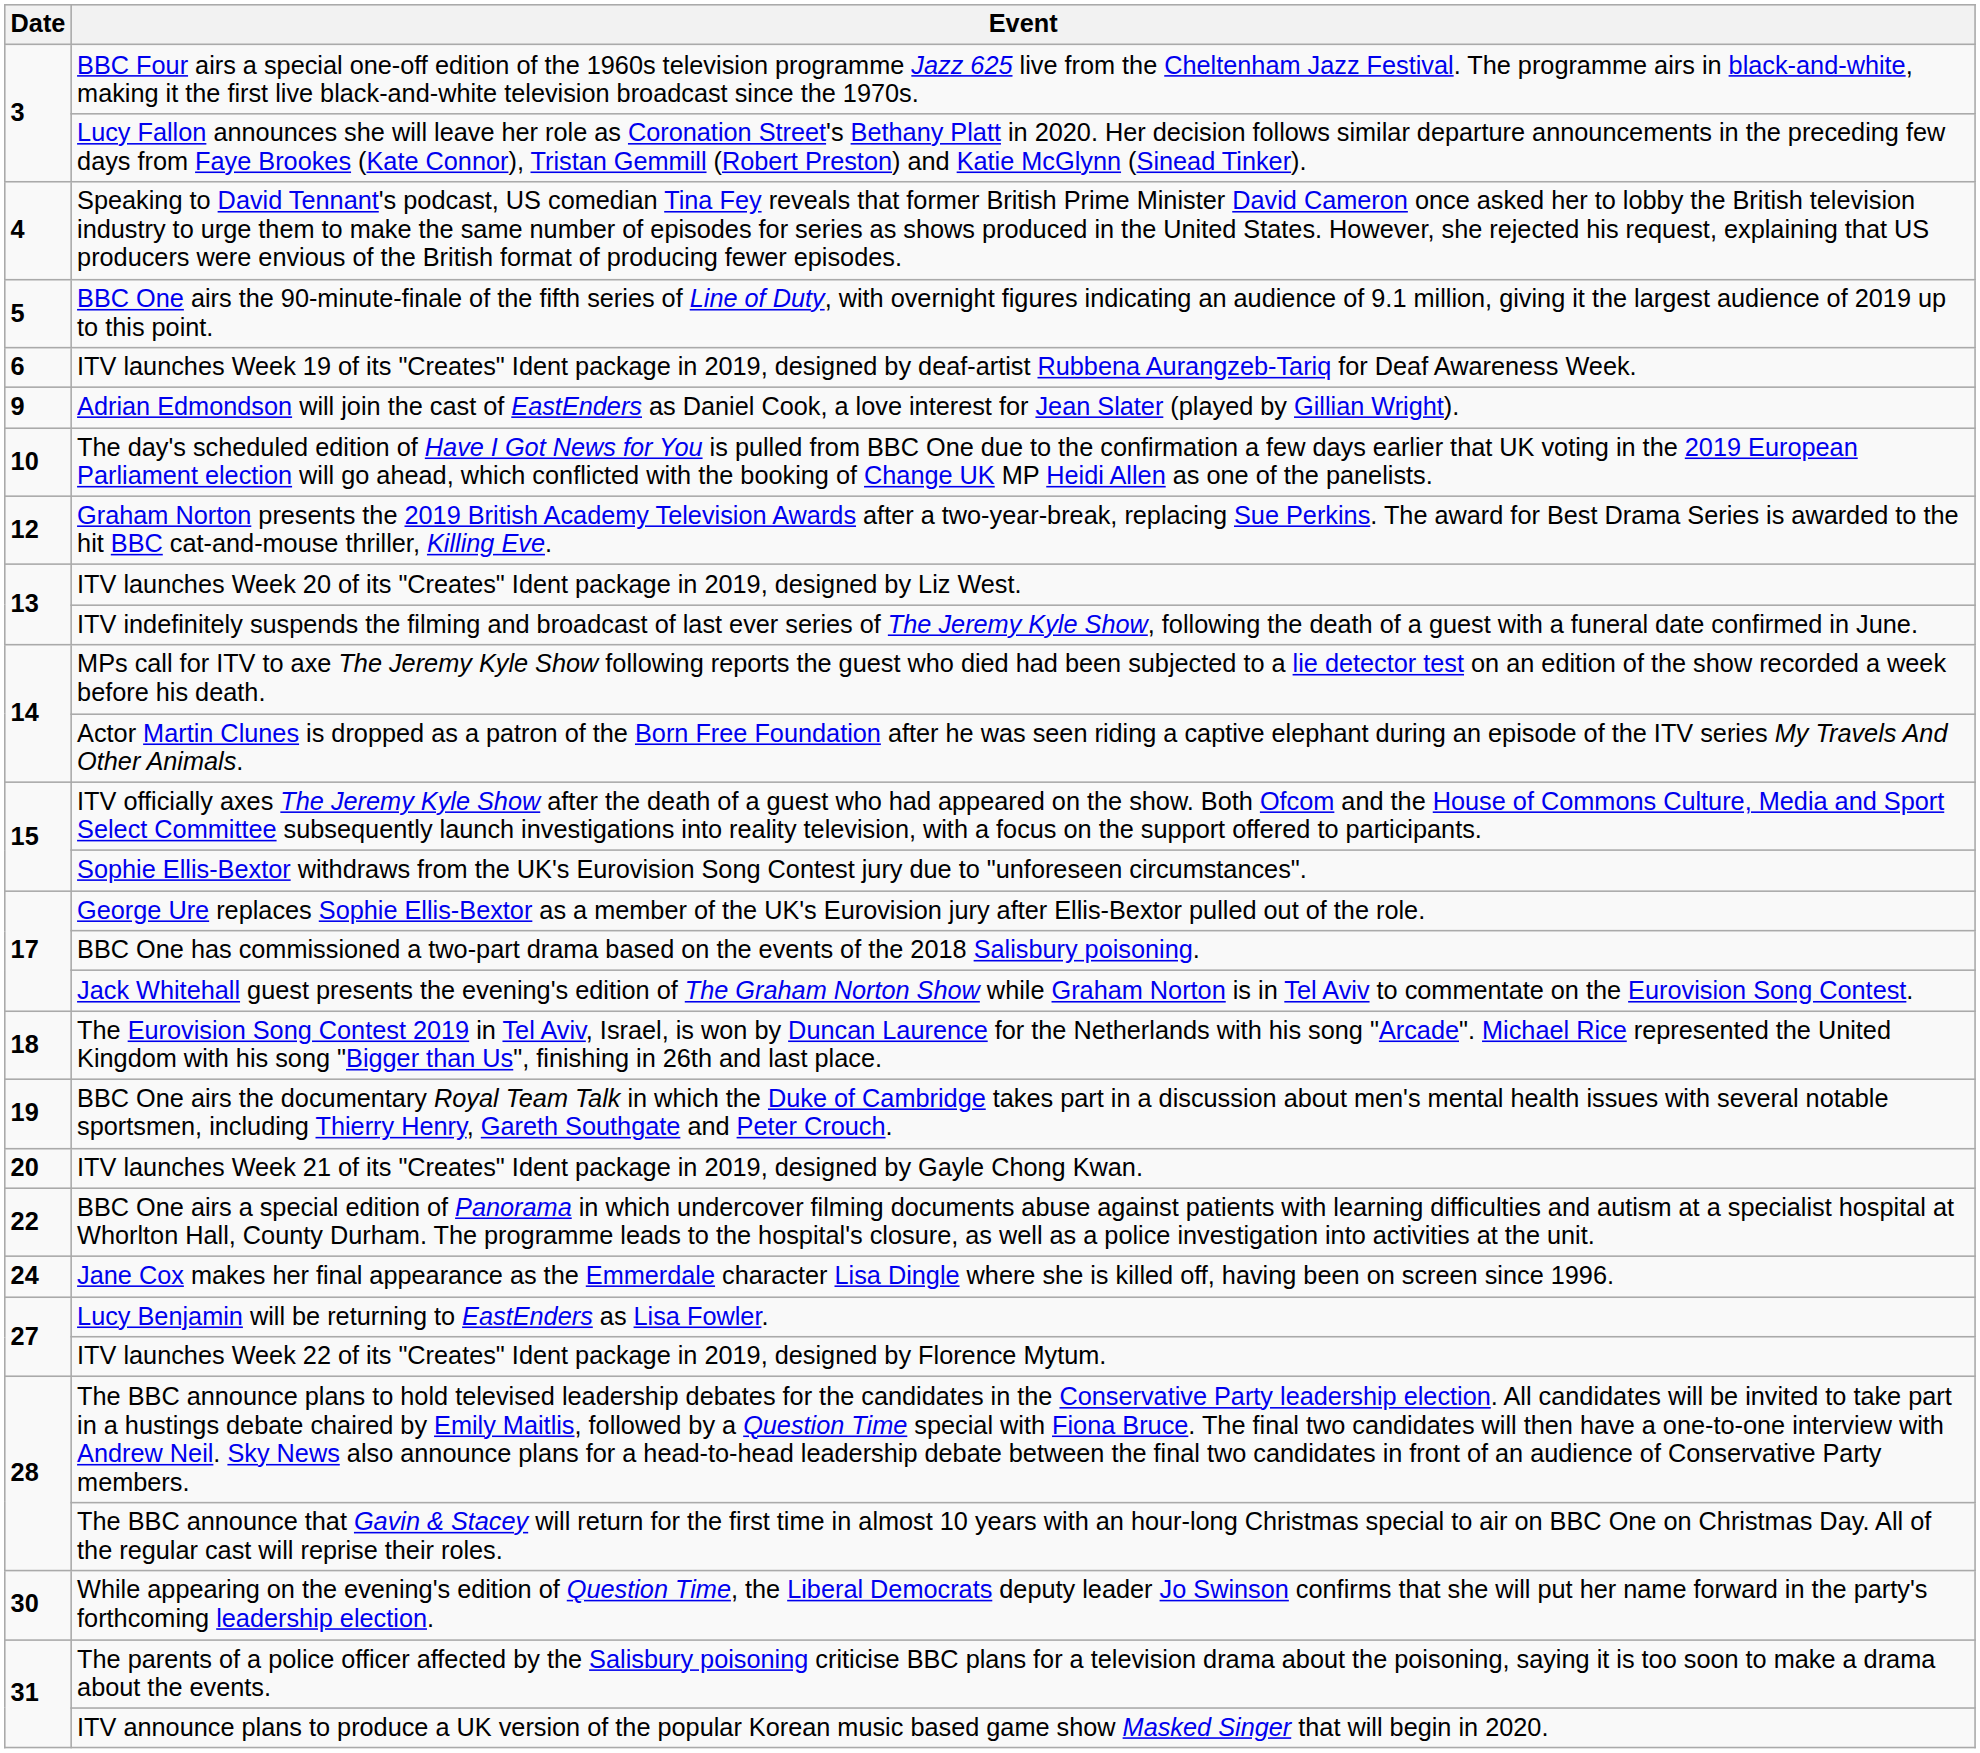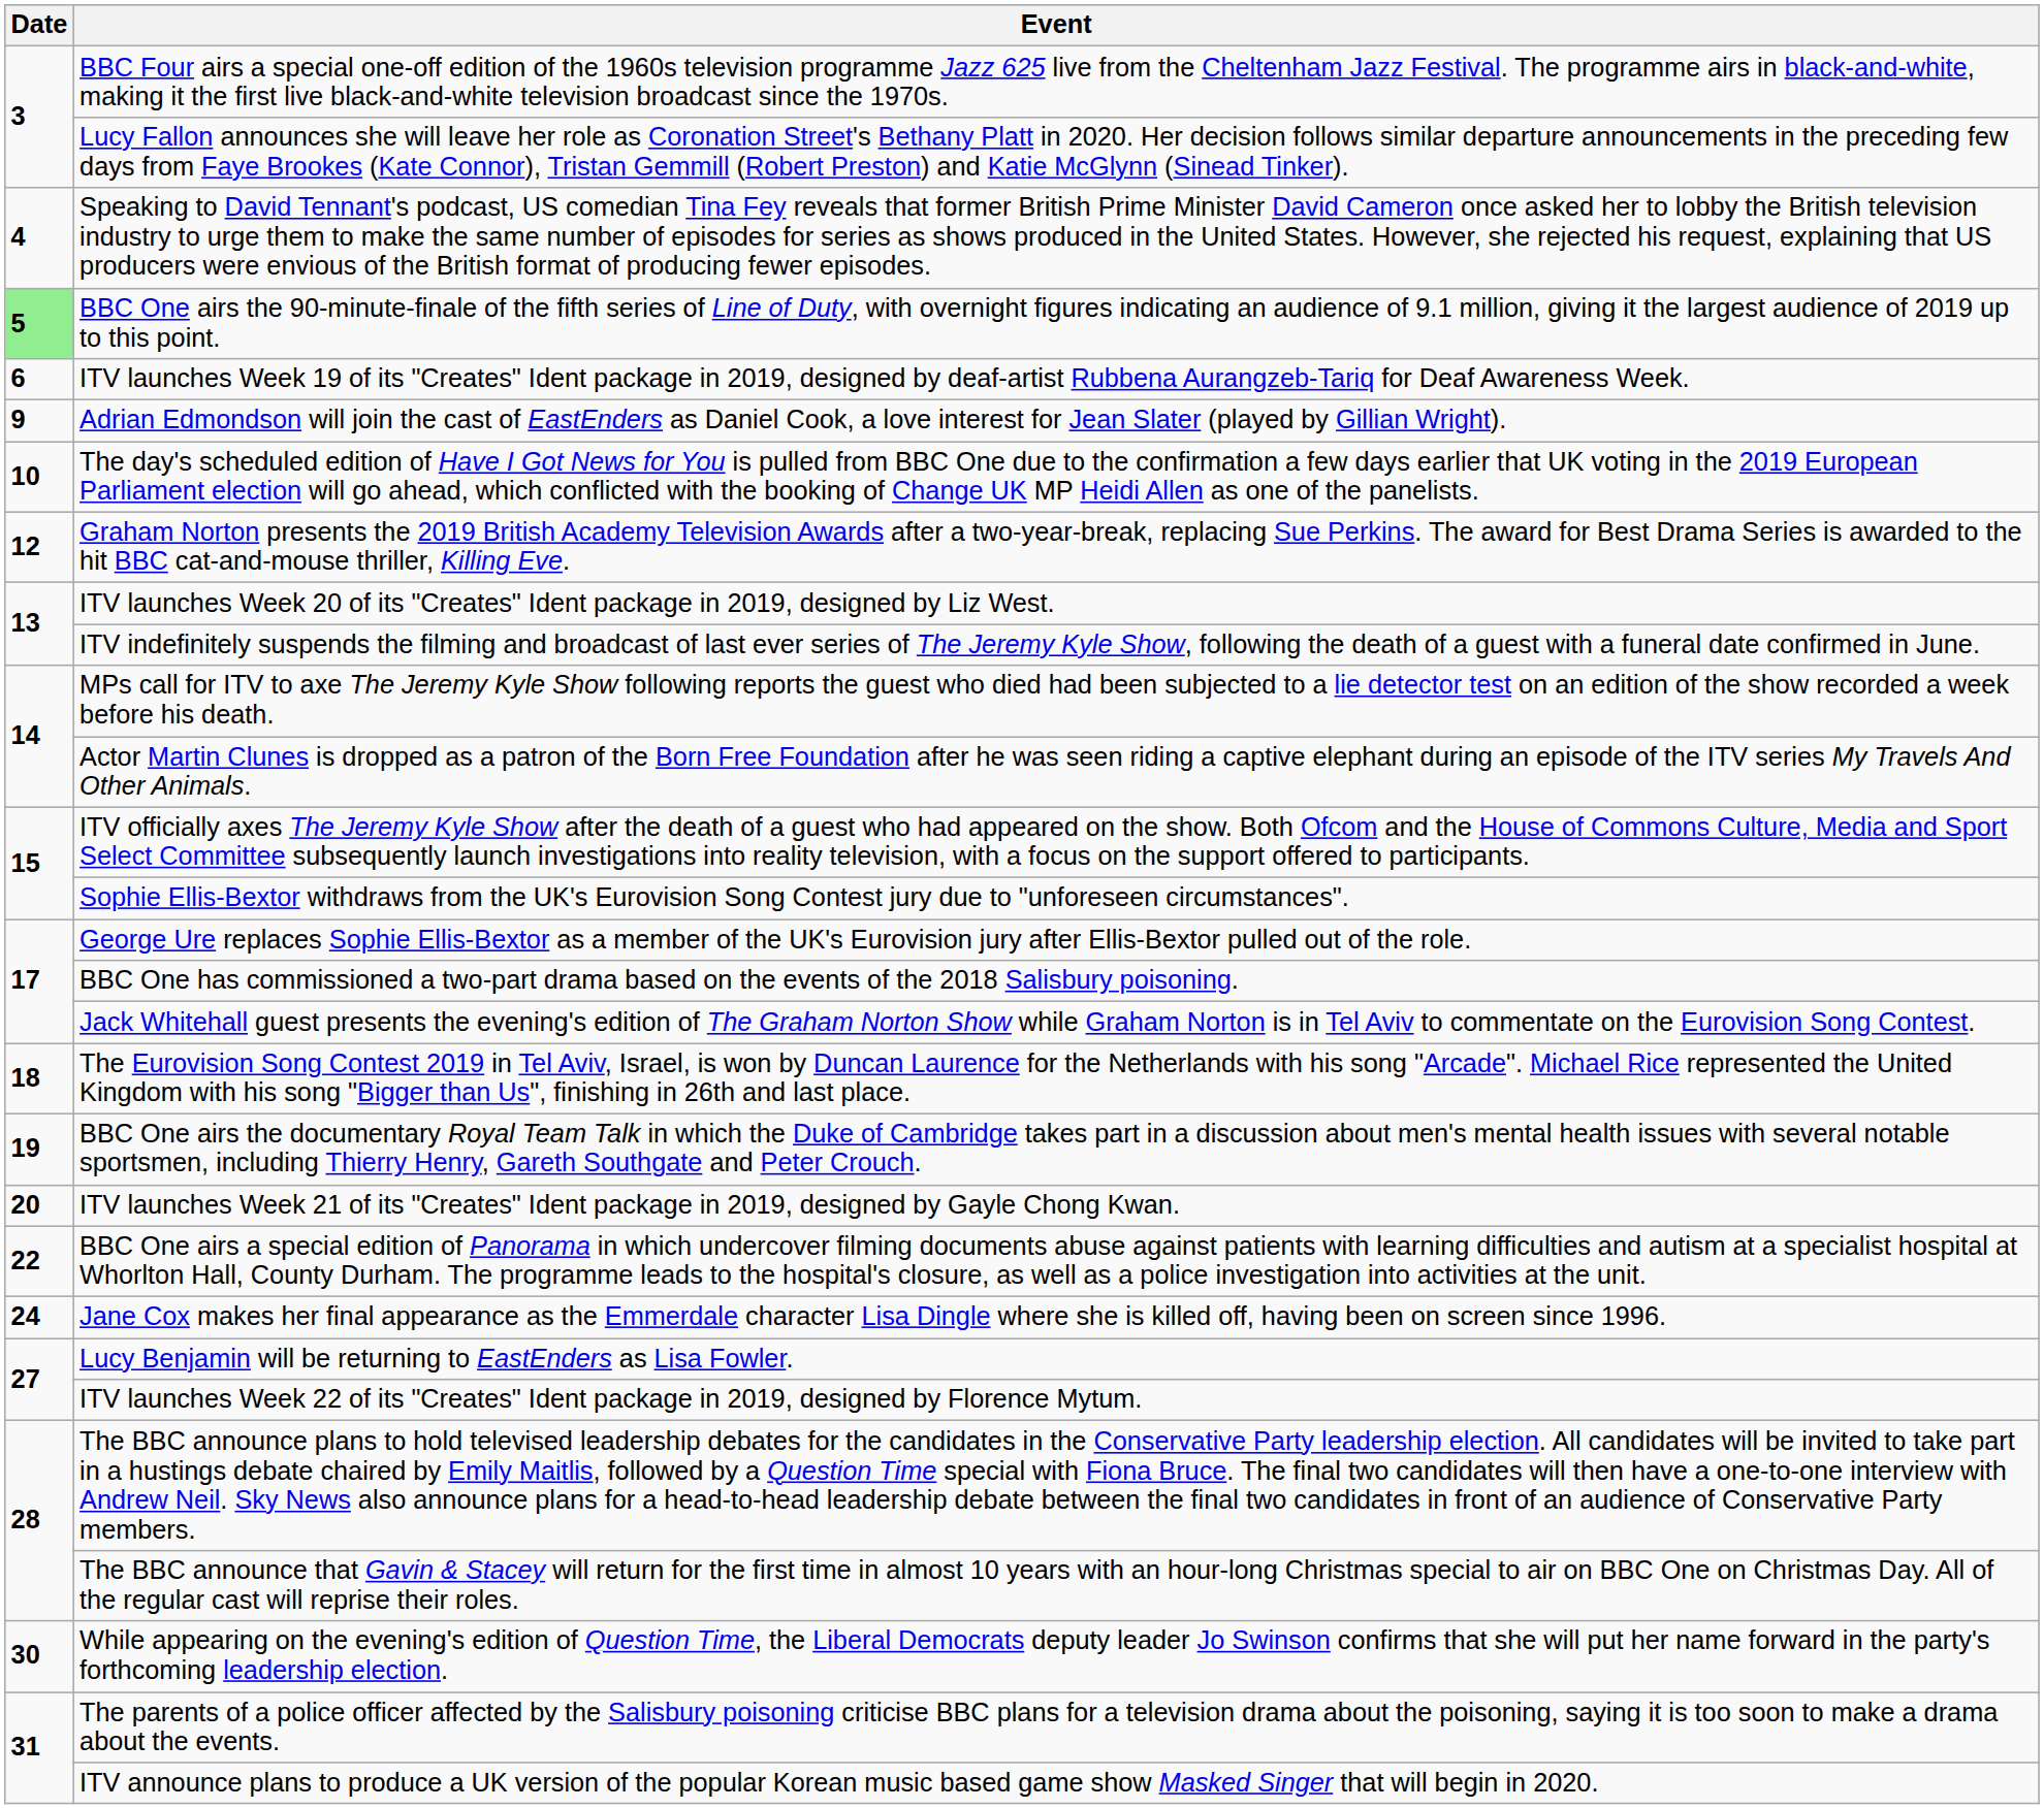 <table class="wikitable">
 <tr>
 <th>Date</th>
 <th>Event</th>
 </tr>
 <tr>
 <td rowspan=2><strong>3</strong></td>
 <td><a href='#'>BBC Four</a> airs a special one-off edition of the 1960s television programme <em><a href='#'>Jazz 625</a></em> live from the <a href='#'>Cheltenham Jazz Festival</a>. The programme airs in <a href='#'>black-and-white</a>, making it the first live black-and-white television broadcast since the 1970s.</td>
 </tr>
 <tr>
 <td><a href='#'>Lucy Fallon</a> announces she will leave her role as <a href='#'>Coronation Street</a>'s <a href='#'>Bethany Platt</a> in 2020. Her decision follows similar departure announcements in the preceding few days from <a href='#'>Faye Brookes</a> (<a href='#'>Kate Connor</a>), <a href='#'>Tristan Gemmill</a> (<a href='#'>Robert Preston</a>) and <a href='#'>Katie McGlynn</a> (<a href='#'>Sinead Tinker</a>).</td>
 </tr>
 <tr>
 <td><strong>4</strong></td>
 <td>Speaking to <a href='#'>David Tennant</a>'s podcast, US comedian <a href='#'>Tina Fey</a> reveals that former British Prime Minister <a href='#'>David Cameron</a> once asked her to lobby the British television industry to urge them to make the same number of episodes for series as shows produced in the United States. However, she rejected his request, explaining that US producers were envious of the British format of producing fewer episodes.</td>
 </tr>
 <tr>
-<td><strong>5</strong></td>
+<td style="background: lightgreen;"><strong>5</strong></td>
 <td><a href='#'>BBC One</a> airs the 90-minute-finale of the fifth series of <em><a href='#'>Line of Duty</a></em>, with overnight figures indicating an audience of 9.1 million, giving it the largest audience of 2019 up to this point.</td>
 </tr>
 <tr>
 <td><strong>6</strong></td>
 <td>ITV launches Week 19 of its "Creates" Ident package in 2019, designed by deaf-artist <a href='#'>Rubbena Aurangzeb-Tariq</a> for Deaf Awareness Week.</td>
 </tr>
 <tr>
 <td><strong>9</strong></td>
 <td><a href='#'>Adrian Edmondson</a> will join the cast of <em><a href='#'>EastEnders</a></em> as Daniel Cook, a love interest for <a href='#'>Jean Slater</a> (played by <a href='#'>Gillian Wright</a>).</td>
 </tr>
 <tr>
 <td><strong>10</strong></td>
 <td>The day's scheduled edition of <em><a href='#'>Have I Got News for You</a></em> is pulled from BBC One due to the confirmation a few days earlier that UK voting in the <a href='#'>2019 European Parliament election</a> will go ahead, which conflicted with the booking of <a href='#'>Change UK</a> MP <a href='#'>Heidi Allen</a> as one of the panelists.</td>
 </tr>
 <tr>
 <td><strong>12</strong></td>
 <td><a href='#'>Graham Norton</a> presents the <a href='#'>2019 British Academy Television Awards</a> after a two-year-break, replacing <a href='#'>Sue Perkins</a>. The award for Best Drama Series is awarded to the hit <a href='#'>BBC</a> cat-and-mouse thriller, <em><a href='#'>Killing Eve</a></em>.</td>
 </tr>
 <tr>
 <td rowspan="2"><strong>13</strong></td>
 <td>ITV launches Week 20 of its "Creates" Ident package in 2019, designed by Liz West.</td>
 </tr>
 <tr>
 <td>ITV indefinitely suspends the filming and broadcast of last ever series of <em><a href='#'>The Jeremy Kyle Show</a></em>, following the death of a guest with a funeral date confirmed in June.</td>
 </tr>
 <tr>
 <td rowspan=2><strong>14</strong></td>
 <td>MPs call for ITV to axe <em>The Jeremy Kyle Show</em> following reports the guest who died had been subjected to a <a href='#'>lie detector test</a> on an edition of the show recorded a week before his death.</td>
 </tr>
 <tr>
 <td>Actor <a href='#'>Martin Clunes</a> is dropped as a patron of the <a href='#'>Born Free Foundation</a> after he was seen riding a captive elephant during an episode of the ITV series <em>My Travels And Other Animals</em>.</td>
 </tr>
 <tr>
 <td rowspan=2><strong>15</strong></td>
 <td>ITV officially axes <em><a href='#'>The Jeremy Kyle Show</a></em> after the death of a guest who had appeared on the show. Both <a href='#'>Ofcom</a> and the <a href='#'>House of Commons Culture, Media and Sport Select Committee</a> subsequently launch investigations into reality television, with a focus on the support offered to participants.</td>
 </tr>
 <tr>
 <td><a href='#'>Sophie Ellis-Bextor</a> withdraws from the UK's Eurovision Song Contest jury due to "unforeseen circumstances".</td>
 </tr>
 <tr>
 <td rowspan=3><strong>17</strong></td>
 <td><a href='#'>George Ure</a> replaces <a href='#'>Sophie Ellis-Bextor</a> as a member of the UK's Eurovision jury after Ellis-Bextor pulled out of the role.</td>
 </tr>
 <tr>
 <td>BBC One has commissioned a two-part drama based on the events of the 2018 <a href='#'>Salisbury poisoning</a>.</td>
 </tr>
 <tr>
 <td><a href='#'>Jack Whitehall</a> guest presents the evening's edition of <em><a href='#'>The Graham Norton Show</a></em> while <a href='#'>Graham Norton</a> is in <a href='#'>Tel Aviv</a> to commentate on the <a href='#'>Eurovision Song Contest</a>.</td>
 </tr>
 <tr>
 <td><strong>18</strong></td>
 <td>The <a href='#'>Eurovision Song Contest 2019</a> in <a href='#'>Tel Aviv</a>, Israel, is won by <a href='#'>Duncan Laurence</a> for the Netherlands with his song "<a href='#'>Arcade</a>". <a href='#'>Michael Rice</a> represented the United Kingdom with his song "<a href='#'>Bigger than Us</a>", finishing in 26th and last place.</td>
 </tr>
 <tr>
 <td><strong>19</strong></td>
 <td>BBC One airs the documentary <em>Royal Team Talk</em> in which the <a href='#'>Duke of Cambridge</a> takes part in a discussion about men's mental health issues with several notable sportsmen, including <a href='#'>Thierry Henry</a>, <a href='#'>Gareth Southgate</a> and <a href='#'>Peter Crouch</a>.</td>
 </tr>
 <tr>
 <td><strong>20</strong></td>
 <td>ITV launches Week 21 of its "Creates" Ident package in 2019, designed by Gayle Chong Kwan.</td>
 </tr>
 <tr>
 <td><strong>22</strong></td>
 <td>BBC One airs a special edition of <em><a href='#'>Panorama</a></em> in which undercover filming documents abuse against patients with learning difficulties and autism at a specialist hospital at Whorlton Hall, County Durham. The programme leads to the hospital's closure, as well as a police investigation into activities at the unit.</td>
 </tr>
 <tr>
 <td><strong>24</strong></td>
 <td><a href='#'>Jane Cox</a> makes her final appearance as the <a href='#'>Emmerdale</a> character <a href='#'>Lisa Dingle</a> where she is killed off, having been on screen since 1996.</td>
 </tr>
 <tr>
 <td rowspan=2><strong>27</strong></td>
 <td><a href='#'>Lucy Benjamin</a> will be returning to <em><a href='#'>EastEnders</a></em> as <a href='#'>Lisa Fowler</a>.</td>
 </tr>
 <tr>
 <td>ITV launches Week 22 of its "Creates" Ident package in 2019, designed by Florence Mytum.</td>
 </tr>
 <tr>
 <td rowspan=2><strong>28</strong></td>
 <td>The BBC announce plans to hold televised leadership debates for the candidates in the <a href='#'>Conservative Party leadership election</a>. All candidates will be invited to take part in a hustings debate chaired by <a href='#'>Emily Maitlis</a>, followed by a <em><a href='#'>Question Time</a></em> special with <a href='#'>Fiona Bruce</a>. The final two candidates will then have a one-to-one interview with <a href='#'>Andrew Neil</a>. <a href='#'>Sky News</a> also announce plans for a head-to-head leadership debate between the final two candidates in front of an audience of Conservative Party members.</td>
 </tr>
 <tr>
 <td>The BBC announce that <em><a href='#'>Gavin & Stacey</a></em> will return for the first time in almost 10 years with an hour-long Christmas special to air on BBC One on Christmas Day. All of the regular cast will reprise their roles.</td>
 </tr>
 <tr>
 <td><strong>30</strong></td>
 <td>While appearing on the evening's edition of <em><a href='#'>Question Time</a></em>, the <a href='#'>Liberal Democrats</a> deputy leader <a href='#'>Jo Swinson</a> confirms that she will put her name forward in the party's forthcoming <a href='#'>leadership election</a>.</td>
 </tr>
 <tr>
 <td rowspan=2><strong>31</strong></td>
 <td>The parents of a police officer affected by the <a href='#'>Salisbury poisoning</a> criticise BBC plans for a television drama about the poisoning, saying it is too soon to make a drama about the events.</td>
 </tr>
 <tr>
 <td>ITV announce plans to produce a UK version of the popular Korean music based game show <em><a href='#'>Masked Singer</a></em> that will begin in 2020.</td>
 </tr>
 </table>
